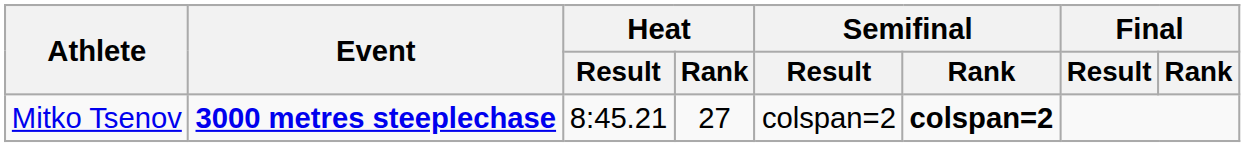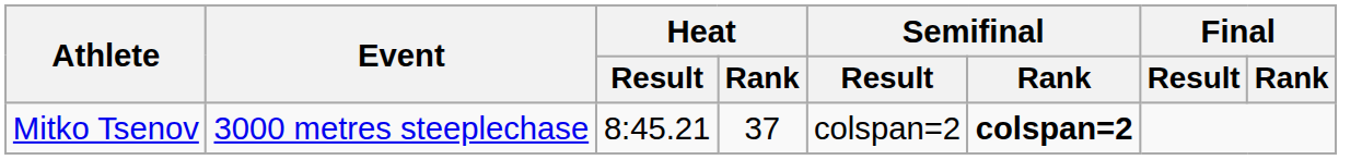 <table class=wikitable style=font-size:90%>
 <tr>
 <th rowspan=2>Athlete</th>
 <th rowspan=2>Event</th>
 <th colspan=2>Heat</th>
 <th colspan=2>Semifinal</th>
 <th colspan=2>Final</th>
 </tr>
 <tr style=font-size:95%>
 <th>Result</th>
 <th>Rank</th>
 <th>Result</th>
 <th>Rank</th>
 <th>Result</th>
 <th>Rank</th>
 </tr>
 <tr align=center>
 <td align=left><a href='#'>Mitko Tsenov</a></td>
-<td align=left><strong><a href='#'>3000 metres steeplechase</a></strong></td>
+<td align=left><a href='#'>3000 metres steeplechase</a></td>
 <td>8:45.21</td>
-<td>27</td>
+<td>37</td>
 <td>colspan=2 </td>
 <td><strong>colspan=2 </strong></td>
 </tr>
 </table>
